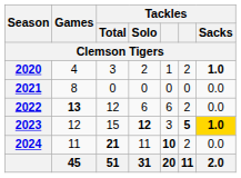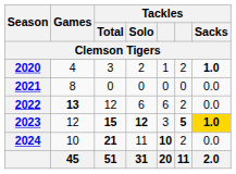 <table class=wikitable style="text-align:center;">
 <tr>
 <th rowspan=2>Season</th>
 <th colspan="1" rowspan="2">Games</th>
 <th colspan=5>Tackles</th>
 </tr>
 <tr>
 <th>Total</th>
 <th>Solo</th>
 <th></th>
 <th></th>
 <th>Sacks</th>
 </tr>
 <tr>
 <th colspan="7">Clemson Tigers</th>
 </tr>
 <tr>
 <th><a href='#'>2020</a></th>
 <td>4</td>
 <td>3</td>
 <td>2</td>
 <td>1</td>
 <td>2</td>
 <td><strong>1.0</strong></td>
 </tr>
 <tr>
 <th><a href='#'>2021</a></th>
 <td>8</td>
 <td>0</td>
 <td>0</td>
 <td>0</td>
 <td>0</td>
 <td>0.0</td>
 </tr>
 <tr>
 <th><a href='#'>2022</a></th>
 <td><strong>13</strong></td>
 <td>12</td>
 <td>6</td>
 <td>6</td>
 <td>2</td>
 <td>0.0</td>
 </tr>
 <tr>
 <th><a href='#'>2023</a></th>
 <td>12</td>
-<td>15</td>
+<td><strong>15</strong></td>
 <td><strong>12</strong></td>
 <td>3</td>
 <td><strong>5</strong></td>
 <td style="background: gold;"><strong>1.0</strong></td>
 </tr>
 <tr>
 <th><a href='#'>2024</a></th>
-<td>11</td>
+<td>10</td>
 <td><strong>21</strong></td>
 <td>11</td>
 <td><strong>10</strong></td>
 <td>2</td>
 <td>0.0</td>
 </tr>
 <tr>
 <th></th>
 <th>45</th>
 <th>51</th>
 <th>31</th>
 <th>20</th>
 <th>11</th>
 <th>2.0</th>
 </tr>
 </table>
